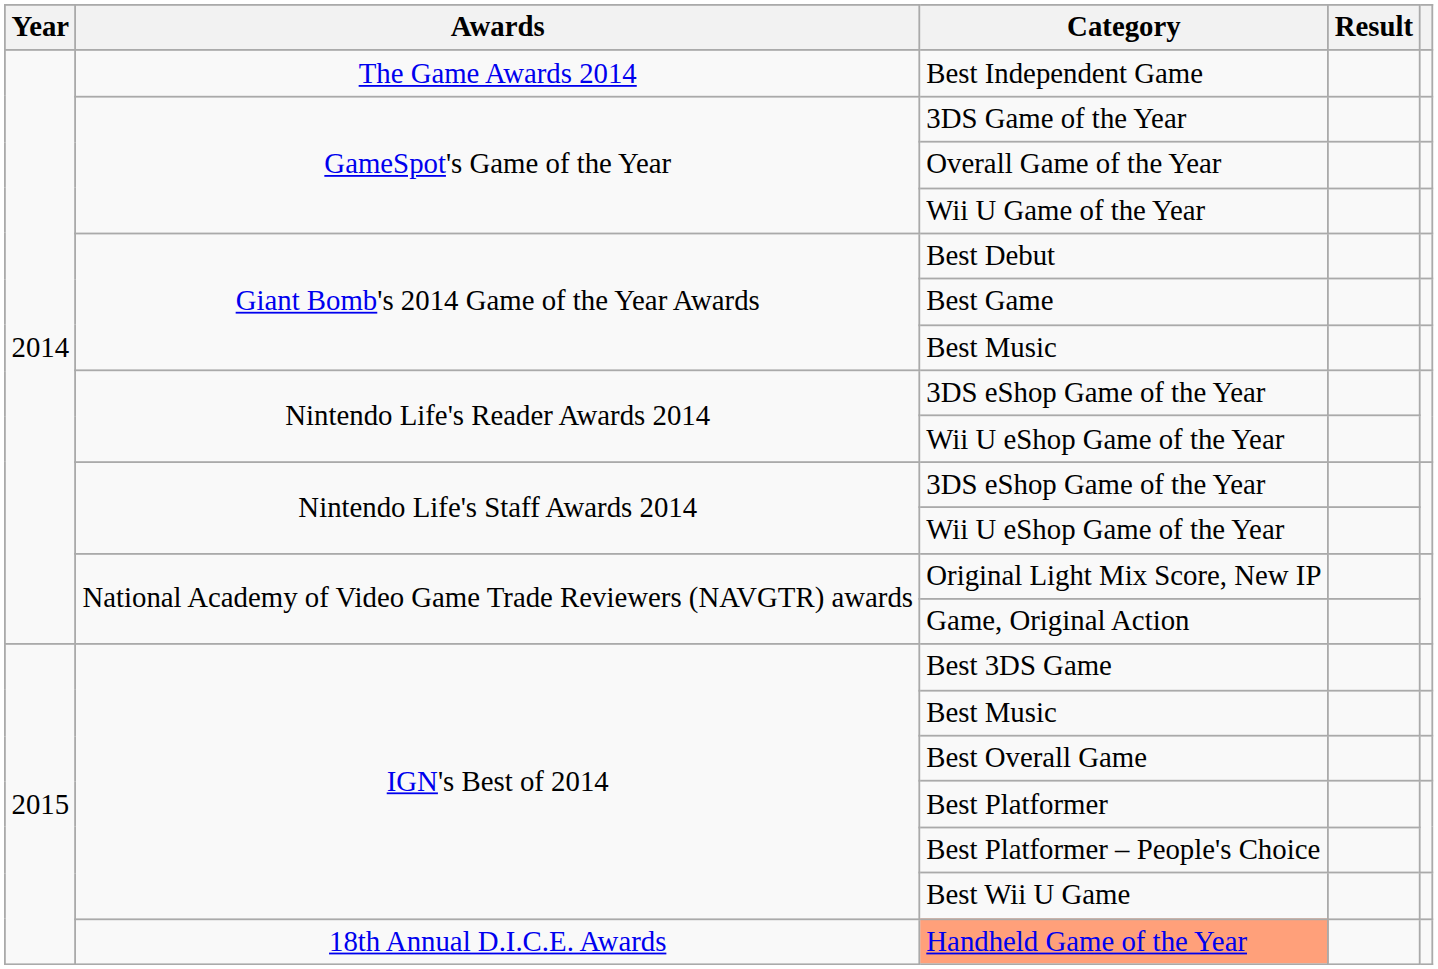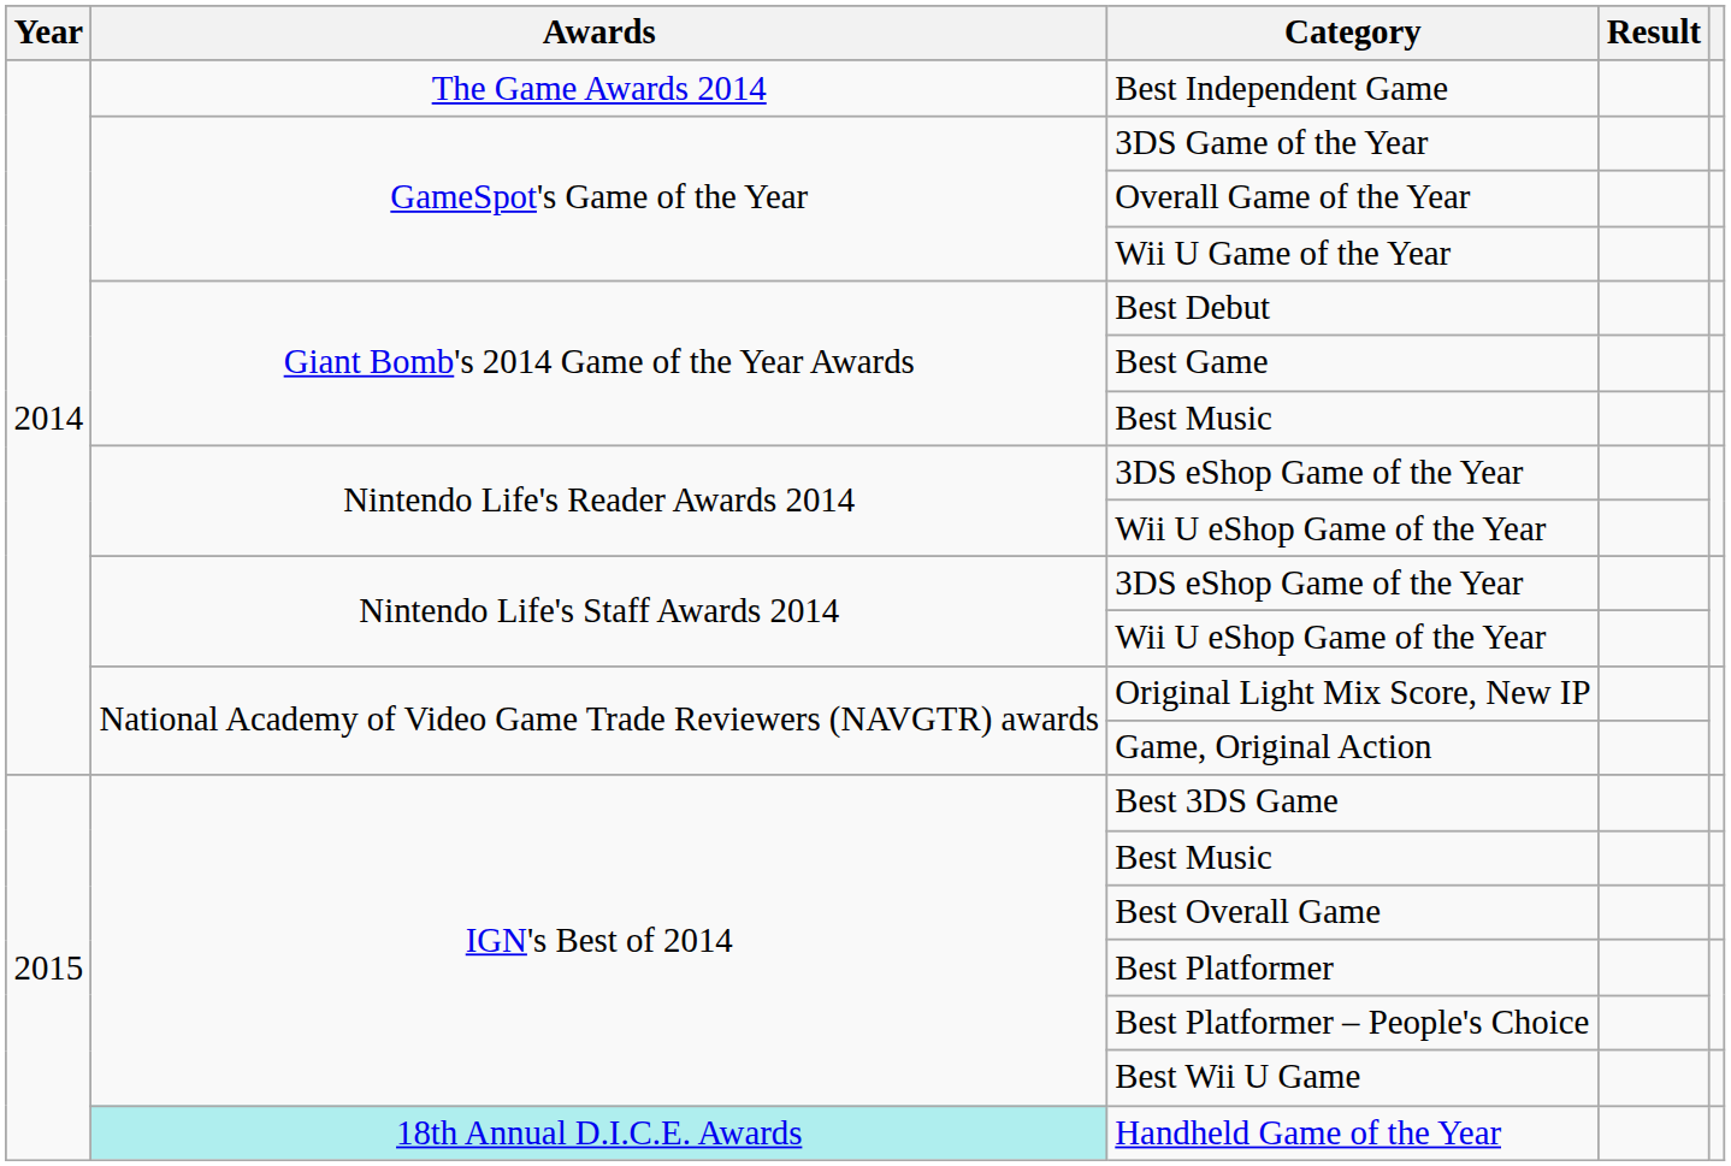 <table class="wikitable">
 <tr>
 <th>Year</th>
 <th>Awards</th>
 <th>Category</th>
 <th>Result</th>
 <th></th>
 </tr>
 <tr>
 <td rowspan="13" style="text-align:center;">2014</td>
 <td align=center><a href='#'>The Game Awards 2014</a></td>
 <td>Best Independent Game</td>
 <td></td>
 <td align=center></td>
 </tr>
 <tr>
 <td rowspan="3" style="text-align:center;"><a href='#'>GameSpot</a>'s Game of the Year</td>
 <td>3DS Game of the Year</td>
 <td></td>
 <td align=center></td>
 </tr>
 <tr>
 <td>Overall Game of the Year</td>
 <td></td>
 <td align=center></td>
 </tr>
 <tr>
 <td>Wii U Game of the Year</td>
 <td></td>
 <td align=center></td>
 </tr>
 <tr>
 <td rowspan="3" style="text-align:center;"><a href='#'>Giant Bomb</a>'s 2014 Game of the Year Awards</td>
 <td>Best Debut</td>
 <td></td>
 <td align=center></td>
 </tr>
 <tr>
 <td>Best Game</td>
 <td></td>
 <td align=center></td>
 </tr>
 <tr>
 <td>Best Music</td>
 <td></td>
 <td align=center></td>
 </tr>
 <tr>
 <td rowspan="2" style="text-align:center;">Nintendo Life's Reader Awards 2014</td>
 <td>3DS eShop Game of the Year</td>
 <td></td>
 <td rowspan="2" style="text-align:center;"></td>
 </tr>
 <tr>
 <td>Wii U eShop Game of the Year</td>
 <td></td>
 </tr>
 <tr>
 <td rowspan="2" style="text-align:center;">Nintendo Life's Staff Awards 2014</td>
 <td>3DS eShop Game of the Year</td>
 <td></td>
 <td rowspan="2" style="text-align:center;"></td>
 </tr>
 <tr>
 <td>Wii U eShop Game of the Year</td>
 <td></td>
 </tr>
 <tr>
 <td align=center rowspan="2">National Academy of Video Game Trade Reviewers (NAVGTR) awards</td>
 <td>Original Light Mix Score, New IP</td>
 <td></td>
 <td align=center rowspan="2"></td>
 </tr>
 <tr>
 <td>Game, Original Action</td>
 <td></td>
 </tr>
 <tr>
 <td rowspan="7" style="text-align:center;">2015</td>
 <td rowspan="6" style="text-align:center;"><a href='#'>IGN</a>'s Best of 2014</td>
 <td>Best 3DS Game</td>
 <td></td>
 <td align=center></td>
 </tr>
 <tr>
 <td>Best Music</td>
 <td></td>
 <td align=center></td>
 </tr>
 <tr>
 <td>Best Overall Game</td>
 <td></td>
 <td align=center></td>
 </tr>
 <tr>
 <td>Best Platformer</td>
 <td></td>
 <td rowspan="2" style="text-align:center;"></td>
 </tr>
 <tr>
 <td>Best Platformer – People's Choice</td>
 <td></td>
 </tr>
 <tr>
 <td>Best Wii U Game</td>
 <td></td>
 <td align=center></td>
 </tr>
 <tr>
-<td align=center><a href='#'>18th Annual D.I.C.E. Awards</a></td>
-<td style="background: lightsalmon;"><a href='#'>Handheld Game of the Year</a></td>
+<td align=center style="background: paleturquoise;"><a href='#'>18th Annual D.I.C.E. Awards</a></td>
+<td><a href='#'>Handheld Game of the Year</a></td>
 <td></td>
 <td align=center></td>
 </tr>
 </table>
